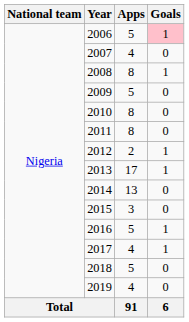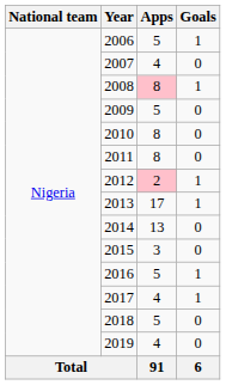 <table class=wikitable style="text-align: center">
 <tr>
 <th>National team</th>
 <th>Year</th>
 <th>Apps</th>
 <th>Goals</th>
 </tr>
 <tr>
 <td rowspan=14><a href='#'>Nigeria</a></td>
 <td>2006</td>
 <td>5</td>
-<td style="background: pink;">1</td>
+<td>1</td>
 </tr>
 <tr>
 <td>2007</td>
 <td>4</td>
 <td>0</td>
 </tr>
 <tr>
 <td>2008</td>
-<td>8</td>
+<td style="background: pink;">8</td>
 <td>1</td>
 </tr>
 <tr>
 <td>2009</td>
 <td>5</td>
 <td>0</td>
 </tr>
 <tr>
 <td>2010</td>
 <td>8</td>
 <td>0</td>
 </tr>
 <tr>
 <td>2011</td>
 <td>8</td>
 <td>0</td>
 </tr>
 <tr>
 <td>2012</td>
-<td>2</td>
+<td style="background: pink;">2</td>
 <td>1</td>
 </tr>
 <tr>
 <td>2013</td>
 <td>17</td>
 <td>1</td>
 </tr>
 <tr>
 <td>2014</td>
 <td>13</td>
 <td>0</td>
 </tr>
 <tr>
 <td>2015</td>
 <td>3</td>
 <td>0</td>
 </tr>
 <tr>
 <td>2016</td>
 <td>5</td>
 <td>1</td>
 </tr>
 <tr>
 <td>2017</td>
 <td>4</td>
 <td>1</td>
 </tr>
 <tr>
 <td>2018</td>
 <td>5</td>
 <td>0</td>
 </tr>
 <tr>
 <td>2019</td>
 <td>4</td>
 <td>0</td>
 </tr>
 <tr>
 <th colspan=2>Total</th>
 <th>91</th>
 <th>6</th>
 </tr>
 </table>
